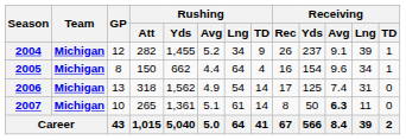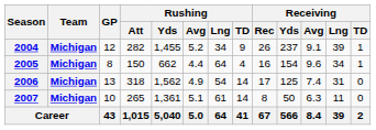 <table class="wikitable" style="text-align:center;">
 <tr>
 <th rowspan="2">Season</th>
 <th rowspan="2">Team</th>
 <th rowspan="2">GP</th>
 <th colspan="5">Rushing</th>
 <th colspan="5">Receiving</th>
 </tr>
 <tr>
 <th>Att</th>
 <th>Yds</th>
 <th>Avg</th>
 <th>Lng</th>
 <th>TD</th>
 <th>Rec</th>
 <th>Yds</th>
 <th>Avg</th>
 <th>Lng</th>
 <th>TD</th>
 </tr>
 <tr>
 <th><a href='#'>2004</a></th>
 <th><a href='#'>Michigan</a></th>
 <td>12</td>
 <td>282</td>
 <td>1,455</td>
 <td>5.2</td>
 <td>34</td>
 <td>9</td>
 <td>26</td>
 <td>237</td>
 <td>9.1</td>
 <td>39</td>
 <td>1</td>
 </tr>
 <tr>
 <th><a href='#'>2005</a></th>
 <th><a href='#'>Michigan</a></th>
 <td>8</td>
 <td>150</td>
 <td>662</td>
 <td>4.4</td>
 <td>64</td>
 <td>4</td>
 <td>16</td>
 <td>154</td>
 <td>9.6</td>
 <td>34</td>
 <td>1</td>
 </tr>
 <tr>
 <th><a href='#'>2006</a></th>
 <th><a href='#'>Michigan</a></th>
 <td>13</td>
 <td>318</td>
 <td>1,562</td>
 <td>4.9</td>
 <td>54</td>
 <td>14</td>
 <td>17</td>
 <td>125</td>
 <td>7.4</td>
 <td>31</td>
 <td>0</td>
 </tr>
 <tr>
 <th><a href='#'>2007</a></th>
 <th><a href='#'>Michigan</a></th>
 <td>10</td>
 <td>265</td>
 <td>1,361</td>
 <td>5.1</td>
 <td>61</td>
 <td>14</td>
 <td>8</td>
 <td>50</td>
-<td><strong>6.3</strong></td>
+<td>6.3</td>
 <td>11</td>
 <td>0</td>
 </tr>
 <tr>
 <th colspan="2">Career</th>
 <th>43</th>
 <th>1,015</th>
 <th>5,040</th>
 <th>5.0</th>
 <th>64</th>
 <th>41</th>
 <th>67</th>
 <th>566</th>
 <th>8.4</th>
 <th>39</th>
 <th>2</th>
 </tr>
 </table>
